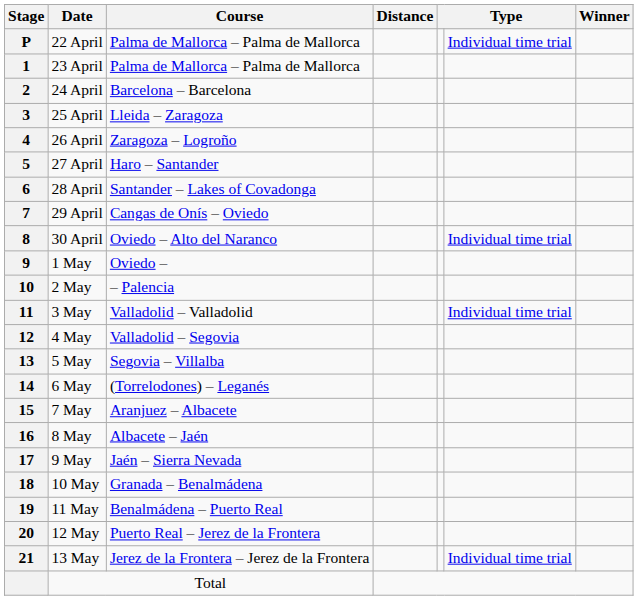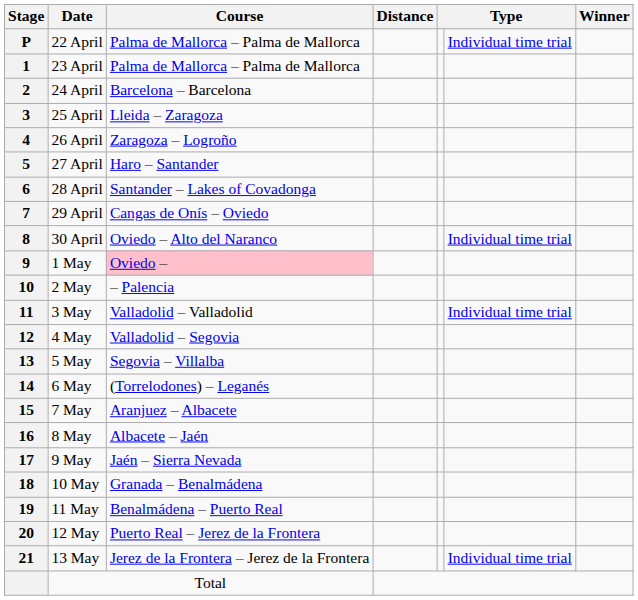 <table class="wikitable">
 <tr>
 <th scope="col">Stage</th>
 <th scope="col">Date</th>
 <th scope="col">Course</th>
 <th scope="col">Distance</th>
 <th scope="col" colspan="2">Type</th>
 <th scope="col">Winner</th>
 </tr>
 <tr>
 <th scope="row">P</th>
 <td>22 April</td>
 <td><a href='#'>Palma de Mallorca</a> – Palma de Mallorca</td>
 <td style="text-align:center;"></td>
 <td></td>
 <td><a href='#'>Individual time trial</a></td>
 <td></td>
 </tr>
 <tr>
 <th scope="row">1</th>
 <td>23 April</td>
 <td><a href='#'>Palma de Mallorca</a> – Palma de Mallorca</td>
 <td style="text-align:center;"></td>
 <td></td>
 <td></td>
 <td></td>
 </tr>
 <tr>
 <th scope="row">2</th>
 <td>24 April</td>
 <td><a href='#'>Barcelona</a> – Barcelona</td>
 <td style="text-align:center;"></td>
 <td></td>
 <td></td>
 <td></td>
 </tr>
 <tr>
 <th scope="row">3</th>
 <td>25 April</td>
 <td><a href='#'>Lleida</a> – <a href='#'>Zaragoza</a></td>
 <td style="text-align:center;"></td>
 <td></td>
 <td></td>
 <td></td>
 </tr>
 <tr>
 <th scope="row">4</th>
 <td>26 April</td>
 <td><a href='#'>Zaragoza</a> – <a href='#'>Logroño</a></td>
 <td style="text-align:center;"></td>
 <td></td>
 <td></td>
 <td></td>
 </tr>
 <tr>
 <th scope="row">5</th>
 <td>27 April</td>
 <td><a href='#'>Haro</a> – <a href='#'>Santander</a></td>
 <td style="text-align:center;"></td>
 <td></td>
 <td></td>
 <td></td>
 </tr>
 <tr>
 <th scope="row">6</th>
 <td>28 April</td>
 <td><a href='#'>Santander</a> – <a href='#'>Lakes of Covadonga</a></td>
 <td style="text-align:center;"></td>
 <td></td>
 <td></td>
 <td></td>
 </tr>
 <tr>
 <th scope="row">7</th>
 <td>29 April</td>
 <td><a href='#'>Cangas de Onís</a> – <a href='#'>Oviedo</a></td>
 <td style="text-align:center;"></td>
 <td></td>
 <td></td>
 <td></td>
 </tr>
 <tr>
 <th scope="row">8</th>
 <td>30 April</td>
 <td><a href='#'>Oviedo</a> – <a href='#'>Alto del Naranco</a></td>
 <td style="text-align:center;"></td>
 <td></td>
 <td><a href='#'>Individual time trial</a></td>
 <td></td>
 </tr>
 <tr>
 <th scope="row">9</th>
 <td>1 May</td>
-<td><a href='#'>Oviedo</a> – </td>
+<td style="background: pink;"><a href='#'>Oviedo</a> – </td>
 <td style="text-align:center;"></td>
 <td></td>
 <td></td>
 <td></td>
 </tr>
 <tr>
 <th scope="row">10</th>
 <td>2 May</td>
 <td> – <a href='#'>Palencia</a></td>
 <td style="text-align:center;"></td>
 <td></td>
 <td></td>
 <td></td>
 </tr>
 <tr>
 <th scope="row">11</th>
 <td>3 May</td>
 <td><a href='#'>Valladolid</a> – Valladolid</td>
 <td style="text-align:center;"></td>
 <td></td>
 <td><a href='#'>Individual time trial</a></td>
 <td></td>
 </tr>
 <tr>
 <th scope="row">12</th>
 <td>4 May</td>
 <td><a href='#'>Valladolid</a> – <a href='#'>Segovia</a></td>
 <td style="text-align:center;"></td>
 <td></td>
 <td></td>
 <td></td>
 </tr>
 <tr>
 <th scope="row">13</th>
 <td>5 May</td>
 <td><a href='#'>Segovia</a> – <a href='#'>Villalba</a></td>
 <td style="text-align:center;"></td>
 <td></td>
 <td></td>
 <td></td>
 </tr>
 <tr>
 <th scope="row">14</th>
 <td>6 May</td>
 <td> (<a href='#'>Torrelodones</a>) – <a href='#'>Leganés</a></td>
 <td style="text-align:center;"></td>
 <td></td>
 <td></td>
 <td></td>
 </tr>
 <tr>
 <th scope="row">15</th>
 <td>7 May</td>
 <td><a href='#'>Aranjuez</a> – <a href='#'>Albacete</a></td>
 <td style="text-align:center;"></td>
 <td></td>
 <td></td>
 <td></td>
 </tr>
 <tr>
 <th scope="row">16</th>
 <td>8 May</td>
 <td><a href='#'>Albacete</a> – <a href='#'>Jaén</a></td>
 <td style="text-align:center;"></td>
 <td></td>
 <td></td>
 <td></td>
 </tr>
 <tr>
 <th scope="row">17</th>
 <td>9 May</td>
 <td><a href='#'>Jaén</a> – <a href='#'>Sierra Nevada</a></td>
 <td style="text-align:center;"></td>
 <td></td>
 <td></td>
 <td></td>
 </tr>
 <tr>
 <th scope="row">18</th>
 <td>10 May</td>
 <td><a href='#'>Granada</a> – <a href='#'>Benalmádena</a></td>
 <td style="text-align:center;"></td>
 <td></td>
 <td></td>
 <td></td>
 </tr>
 <tr>
 <th scope="row">19</th>
 <td>11 May</td>
 <td><a href='#'>Benalmádena</a> – <a href='#'>Puerto Real</a></td>
 <td style="text-align:center;"></td>
 <td></td>
 <td></td>
 <td></td>
 </tr>
 <tr>
 <th scope="row">20</th>
 <td>12 May</td>
 <td><a href='#'>Puerto Real</a> – <a href='#'>Jerez de la Frontera</a></td>
 <td style="text-align:center;"></td>
 <td></td>
 <td></td>
 <td></td>
 </tr>
 <tr>
 <th scope="row">21</th>
 <td>13 May</td>
 <td><a href='#'>Jerez de la Frontera</a> – Jerez de la Frontera</td>
 <td style="text-align:center;"></td>
 <td></td>
 <td><a href='#'>Individual time trial</a></td>
 <td></td>
 </tr>
 <tr>
 <th scope="row"></th>
 <td colspan="2" style="text-align:center">Total</td>
 <td colspan="4" style="text-align:center"></td>
 </tr>
 </table>
